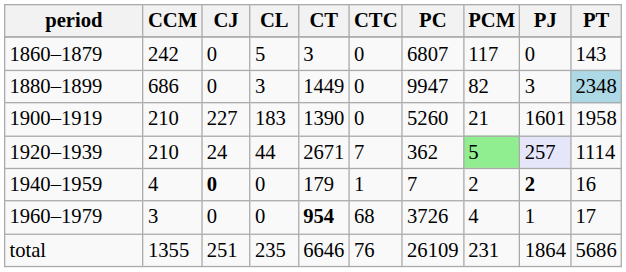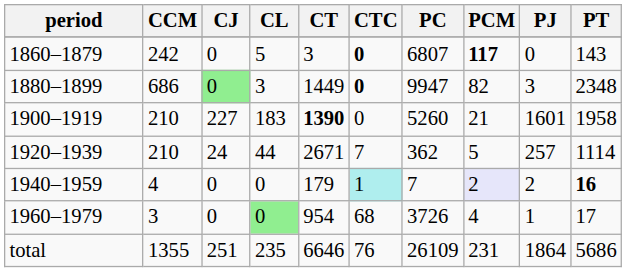 <table class="wikitable sortable">
 <tr>
 <th scope="col" style="width: 100px;">period</th>
 <th scope="col" style="width: 30px;">CCM</th>
 <th scope="col" style="width: 30px;">CJ</th>
 <th scope="col" style="width: 30px;">CL</th>
 <th scope="col" style="width: 30px;">CT</th>
 <th scope="col" style="width: 30px;">CTC</th>
 <th scope="col" style="width: 30px;">PC</th>
 <th scope="col" style="width: 30px;">PCM</th>
 <th scope="col" style="width: 30px;">PJ</th>
 <th scope="col" style="width: 30px;">PT</th>
 </tr>
 <tr>
 </tr>
 <tr>
 <td>1860–1879</td>
 <td>242</td>
 <td>0</td>
 <td>5</td>
 <td>3</td>
-<td>0</td>
+<td><strong>0</strong></td>
 <td>6807</td>
-<td>117</td>
+<td><strong>117</strong></td>
 <td>0</td>
 <td>143</td>
 </tr>
 <tr>
 <td>1880–1899</td>
 <td>686</td>
-<td>0</td>
+<td style="background: lightgreen;">0</td>
 <td>3</td>
 <td>1449</td>
-<td>0</td>
+<td><strong>0</strong></td>
 <td>9947</td>
 <td>82</td>
 <td>3</td>
-<td style="background: lightblue;">2348</td>
+<td>2348</td>
 </tr>
 <tr>
 <td>1900–1919</td>
 <td>210</td>
 <td>227</td>
 <td>183</td>
-<td>1390</td>
+<td><strong>1390</strong></td>
 <td>0</td>
 <td>5260</td>
 <td>21</td>
 <td>1601</td>
 <td>1958</td>
 </tr>
 <tr>
 <td>1920–1939</td>
 <td>210</td>
 <td>24</td>
 <td>44</td>
 <td>2671</td>
 <td>7</td>
 <td>362</td>
-<td style="background: lightgreen;">5</td>
-<td style="background: lavender;">257</td>
+<td>5</td>
+<td>257</td>
 <td>1114</td>
 </tr>
 <tr>
 <td>1940–1959</td>
 <td>4</td>
-<td><strong>0</strong></td>
+<td>0</td>
 <td>0</td>
 <td>179</td>
-<td>1</td>
+<td style="background: paleturquoise;">1</td>
 <td>7</td>
+<td style="background: lavender;">2</td>
 <td>2</td>
-<td><strong>2</strong></td>
-<td>16</td>
+<td><strong>16</strong></td>
 </tr>
 <tr>
 <td>1960–1979</td>
 <td>3</td>
 <td>0</td>
-<td>0</td>
-<td><strong>954</strong></td>
+<td style="background: lightgreen;">0</td>
+<td>954</td>
 <td>68</td>
 <td>3726</td>
 <td>4</td>
 <td>1</td>
 <td>17</td>
 </tr>
 <tr>
 <td>total</td>
 <td>1355</td>
 <td>251</td>
 <td>235</td>
 <td>6646</td>
 <td>76</td>
 <td>26109</td>
 <td>231</td>
 <td>1864</td>
 <td>5686</td>
 </tr>
 </table>
